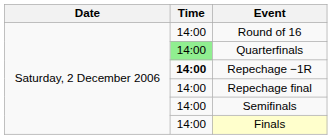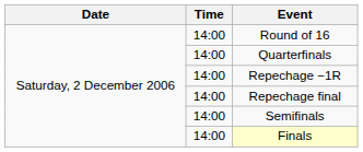 <table class = "wikitable" style="text-align:center;">
 <tr>
 <th width=220>Date</th>
 <th width=50>Time</th>
 <th width=150>Event</th>
 </tr>
 <tr>
 <td rowspan=6>Saturday, 2 December 2006</td>
 <td>14:00</td>
 <td>Round of 16</td>
 </tr>
 <tr>
-<td style="background: lightgreen;">14:00</td>
+<td>14:00</td>
 <td>Quarterfinals</td>
 </tr>
 <tr>
-<td><strong>14:00</strong></td>
+<td>14:00</td>
 <td>Repechage −1R</td>
 </tr>
 <tr>
 <td>14:00</td>
 <td>Repechage final</td>
 </tr>
 <tr>
 <td>14:00</td>
 <td>Semifinals</td>
 </tr>
 <tr>
 <td>14:00</td>
 <td bgcolor=ffffcc>Finals</td>
 </tr>
 </table>
